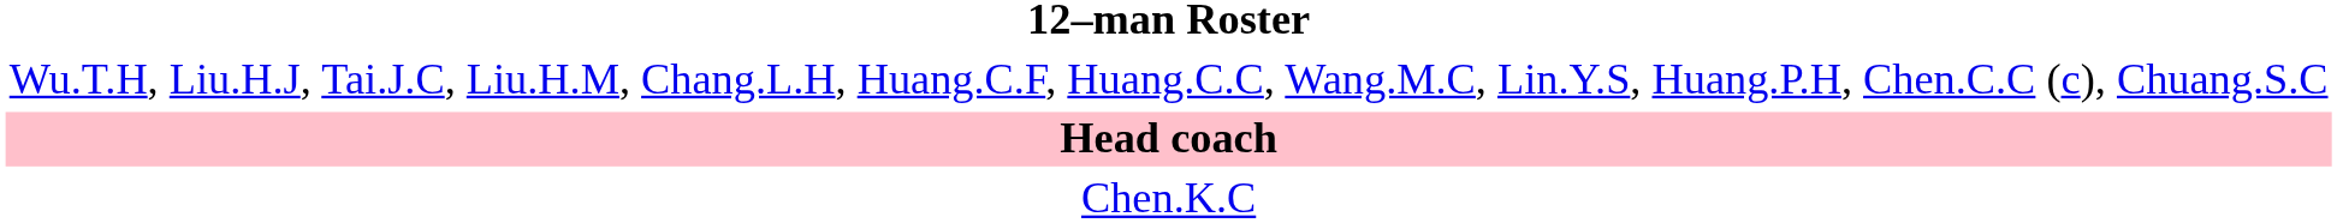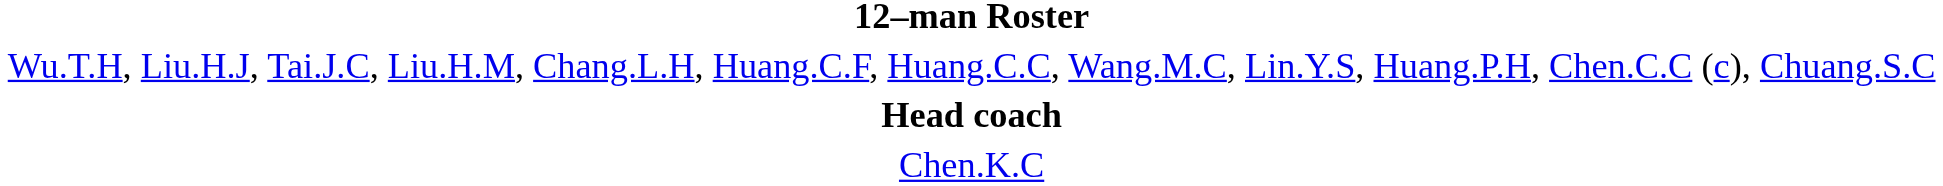 <table style="text-align: center; margin-top: 2em; margin-left: auto; margin-right: auto">
 <tr>
 <td><strong>12–man Roster</strong></td>
 </tr>
 <tr>
 <td><a href='#'>Wu.T.H</a>, <a href='#'>Liu.H.J</a>, <a href='#'>Tai.J.C</a>, <a href='#'>Liu.H.M</a>, <a href='#'>Chang.L.H</a>, <a href='#'>Huang.C.F</a>, <a href='#'>Huang.C.C</a>, <a href='#'>Wang.M.C</a>, <a href='#'>Lin.Y.S</a>, <a href='#'>Huang.P.H</a>, <a href='#'>Chen.C.C</a> (<a href='#'>c</a>), <a href='#'>Chuang.S.C</a></td>
 </tr>
 <tr>
-<td style="background: pink;"><strong>Head coach</strong></td>
+<td><strong>Head coach</strong></td>
 </tr>
 <tr>
 <td><a href='#'>Chen.K.C</a></td>
 </tr>
 </table>
